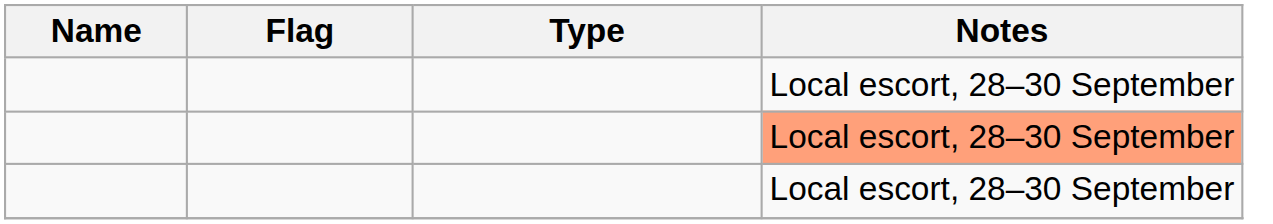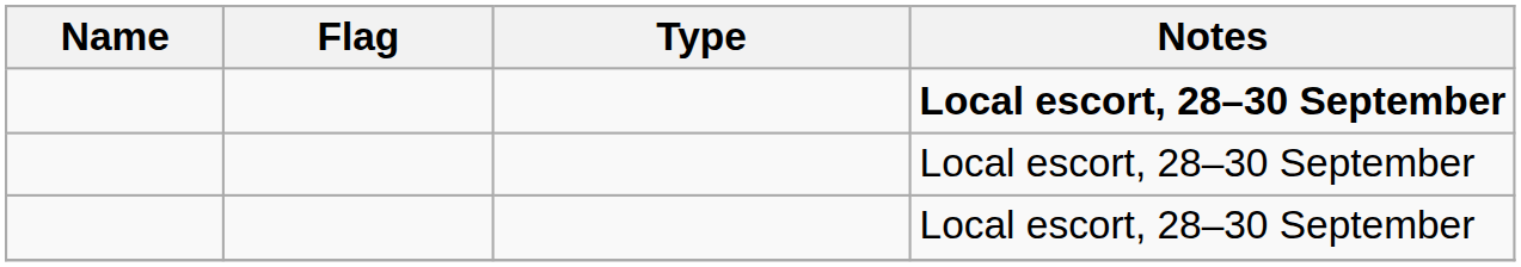 <table class="wikitable sortable">
 <tr>
 <th scope="col" width="80px">Name</th>
 <th scope="col" width="100px">Flag</th>
 <th scope="col" width="160px">Type</th>
 <th>Notes</th>
 </tr>
 <tr>
 <td></td>
 <td></td>
 <td></td>
-<td>Local escort, 28–30 September</td>
+<td><strong>Local escort, 28–30 September</strong></td>
 </tr>
 <tr>
 <td></td>
 <td></td>
 <td></td>
-<td style="background: lightsalmon;">Local escort, 28–30 September</td>
+<td>Local escort, 28–30 September</td>
 </tr>
 <tr>
 <td></td>
 <td></td>
 <td></td>
 <td>Local escort, 28–30 September</td>
 </tr>
 <tr>
 </tr>
 </table>
